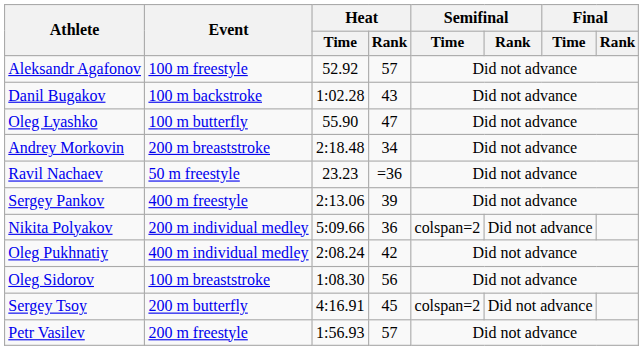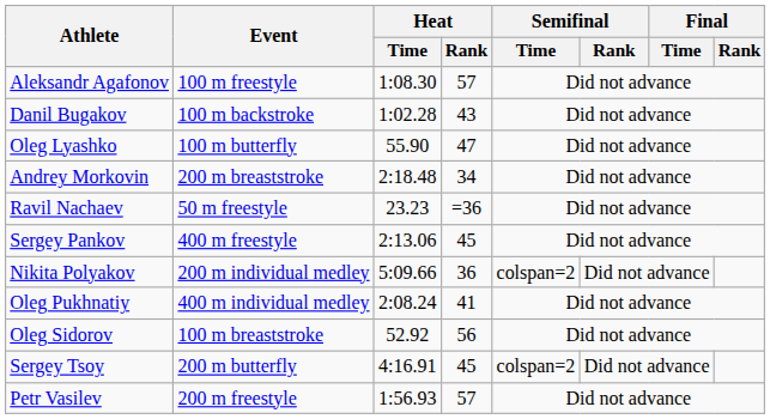 <table class=wikitable style="font-size:90%">
 <tr>
 <th rowspan="2">Athlete</th>
 <th rowspan="2">Event</th>
 <th colspan="2">Heat</th>
 <th colspan="2">Semifinal</th>
 <th colspan="2">Final</th>
 </tr>
 <tr style="font-size:95%">
 <th>Time</th>
 <th>Rank</th>
 <th>Time</th>
 <th>Rank</th>
 <th>Time</th>
 <th>Rank</th>
 </tr>
 <tr align=center>
 <td align=left><a href='#'>Aleksandr Agafonov</a></td>
 <td align=left><a href='#'>100 m freestyle</a></td>
-<td>52.92</td>
+<td>1:08.30</td>
 <td>57</td>
 <td colspan=4>Did not advance</td>
 </tr>
 <tr align=center>
 <td align=left><a href='#'>Danil Bugakov</a></td>
 <td align=left><a href='#'>100 m backstroke</a></td>
 <td>1:02.28</td>
 <td>43</td>
 <td colspan=4>Did not advance</td>
 </tr>
 <tr align=center>
 <td align=left><a href='#'>Oleg Lyashko</a></td>
 <td align=left><a href='#'>100 m butterfly</a></td>
 <td>55.90</td>
 <td>47</td>
 <td colspan=4>Did not advance</td>
 </tr>
 <tr align=center>
 <td align=left><a href='#'>Andrey Morkovin</a></td>
 <td align=left><a href='#'>200 m breaststroke</a></td>
 <td>2:18.48</td>
 <td>34</td>
 <td colspan=4>Did not advance</td>
 </tr>
 <tr align=center>
 <td align=left><a href='#'>Ravil Nachaev</a></td>
 <td align=left><a href='#'>50 m freestyle</a></td>
 <td>23.23</td>
 <td>=36</td>
 <td colspan=4>Did not advance</td>
 </tr>
 <tr align=center>
 <td align=left><a href='#'>Sergey Pankov</a></td>
 <td align=left><a href='#'>400 m freestyle</a></td>
 <td>2:13.06</td>
-<td>39</td>
+<td>45</td>
 <td colspan=4>Did not advance</td>
 </tr>
 <tr align=center>
 <td align=left><a href='#'>Nikita Polyakov</a></td>
 <td align=left><a href='#'>200 m individual medley</a></td>
 <td>5:09.66</td>
 <td>36</td>
 <td>colspan=2 </td>
 <td colspan=2>Did not advance</td>
 </tr>
 <tr align=center>
 <td align=left><a href='#'>Oleg Pukhnatiy</a></td>
 <td align=left><a href='#'>400 m individual medley</a></td>
 <td>2:08.24</td>
-<td>42</td>
+<td>41</td>
 <td colspan=4>Did not advance</td>
 </tr>
 <tr align=center>
 <td align=left><a href='#'>Oleg Sidorov</a></td>
 <td align=left><a href='#'>100 m breaststroke</a></td>
-<td>1:08.30</td>
+<td>52.92</td>
 <td>56</td>
 <td colspan=4>Did not advance</td>
 </tr>
 <tr align=center>
 <td align=left><a href='#'>Sergey Tsoy</a></td>
 <td align=left><a href='#'>200 m butterfly</a></td>
 <td>4:16.91</td>
 <td>45</td>
 <td>colspan=2 </td>
 <td colspan=2>Did not advance</td>
 </tr>
 <tr align=center>
 <td align=left><a href='#'>Petr Vasilev</a></td>
 <td align=left><a href='#'>200 m freestyle</a></td>
 <td>1:56.93</td>
 <td>57</td>
 <td colspan=4>Did not advance</td>
 </tr>
 </table>
